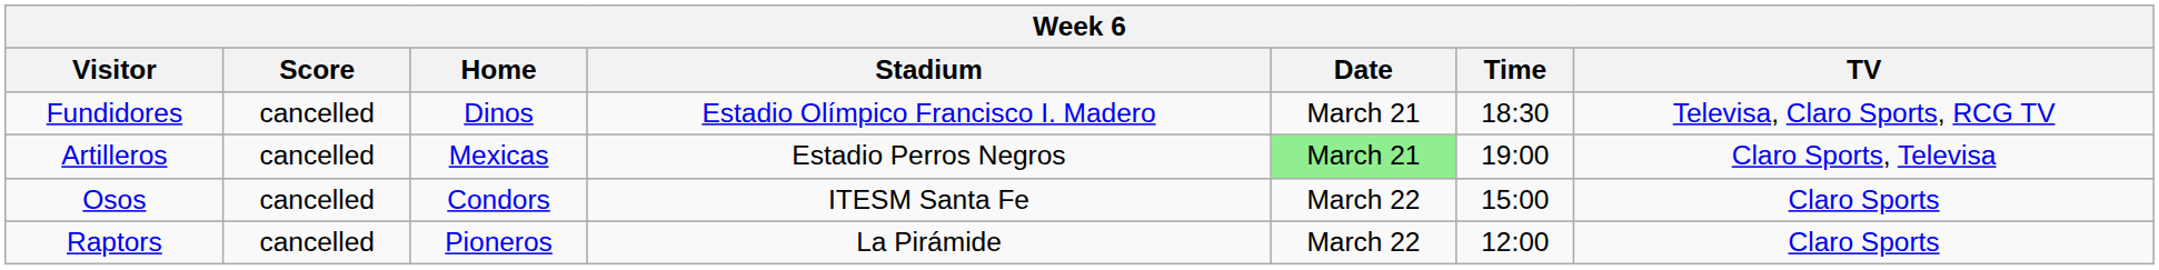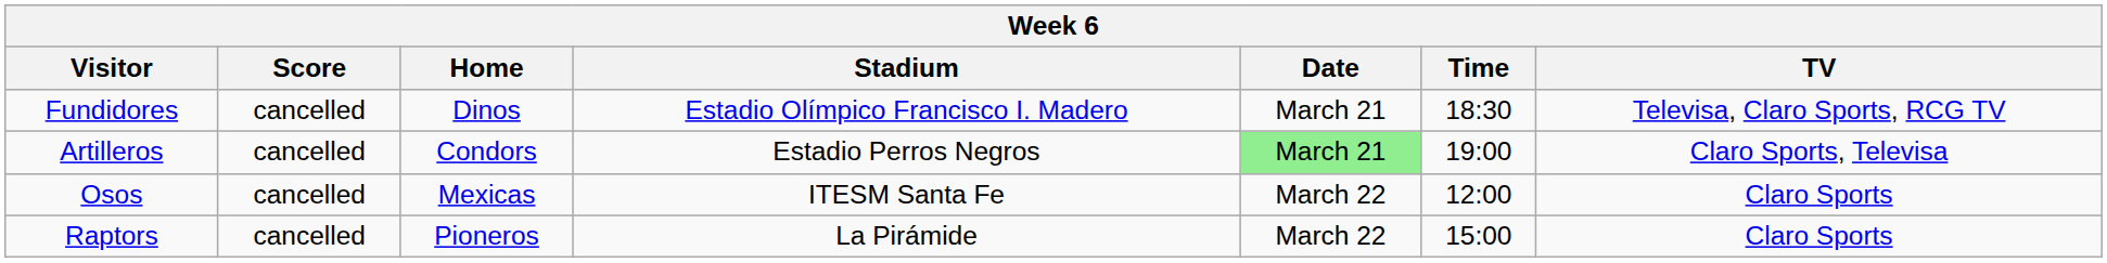 <table class="wikitable mw-collapsible mw-collapsed" style="width:100%;">
 <tr>
 <th colspan="8">Week 6</th>
 </tr>
 <tr>
 <th>Visitor</th>
 <th>Score</th>
 <th>Home</th>
 <th>Stadium</th>
 <th>Date</th>
 <th>Time</th>
 <th>TV</th>
 </tr>
 <tr align="center">
 <td><a href='#'>Fundidores</a></td>
 <td>cancelled</td>
 <td><a href='#'>Dinos</a></td>
 <td><a href='#'>Estadio Olímpico Francisco I. Madero</a></td>
 <td>March 21</td>
 <td>18:30</td>
 <td><a href='#'>Televisa</a>, <a href='#'>Claro Sports</a>, <a href='#'>RCG TV</a></td>
 </tr>
 <tr align="center">
 <td><a href='#'>Artilleros</a></td>
 <td>cancelled</td>
-<td><a href='#'>Mexicas</a></td>
+<td><a href='#'>Condors</a></td>
 <td>Estadio Perros Negros</td>
 <td style="background: lightgreen;">March 21</td>
 <td>19:00</td>
 <td><a href='#'>Claro Sports</a>, <a href='#'>Televisa</a></td>
 </tr>
 <tr align="center">
 <td><a href='#'>Osos</a></td>
 <td>cancelled</td>
-<td><a href='#'>Condors</a></td>
+<td><a href='#'>Mexicas</a></td>
 <td>ITESM Santa Fe</td>
 <td>March 22</td>
-<td>15:00</td>
+<td>12:00</td>
 <td><a href='#'>Claro Sports</a></td>
 </tr>
 <tr align="center">
 <td><a href='#'>Raptors</a></td>
 <td>cancelled</td>
 <td><a href='#'>Pioneros</a></td>
 <td>La Pirámide</td>
 <td>March 22</td>
-<td>12:00</td>
+<td>15:00</td>
 <td><a href='#'>Claro Sports</a></td>
 </tr>
 </table>
